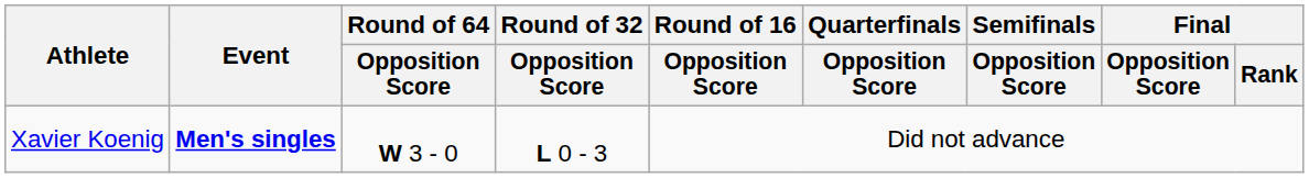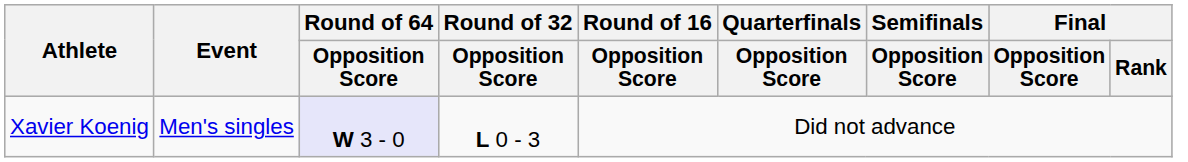 <table class=wikitable style="font-size:90%">
 <tr>
 <th rowspan=2>Athlete</th>
 <th rowspan=2>Event</th>
 <th>Round of 64</th>
 <th>Round of 32</th>
 <th>Round of 16</th>
 <th>Quarterfinals</th>
 <th>Semifinals</th>
 <th colspan=2>Final</th>
 </tr>
 <tr style="font-size:95%">
 <th>Opposition<br>Score</th>
 <th>Opposition<br>Score</th>
 <th>Opposition<br>Score</th>
 <th>Opposition<br>Score</th>
 <th>Opposition<br>Score</th>
 <th>Opposition<br>Score</th>
 <th>Rank</th>
 </tr>
 <tr align=center>
 <td align=left><a href='#'>Xavier Koenig</a></td>
-<td align=left><strong><a href='#'>Men's singles</a></strong></td>
-<td><br><strong>W</strong> 3 - 0</td>
+<td align=left><a href='#'>Men's singles</a></td>
+<td style="background: lavender;"><br><strong>W</strong> 3 - 0</td>
 <td><br><strong>L</strong> 0 - 3</td>
 <td colspan=5>Did not advance</td>
 </tr>
 </table>
